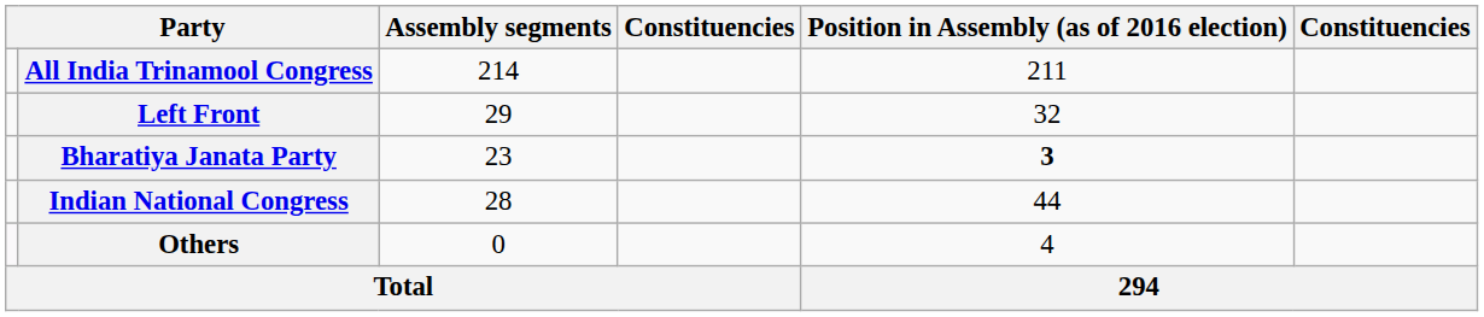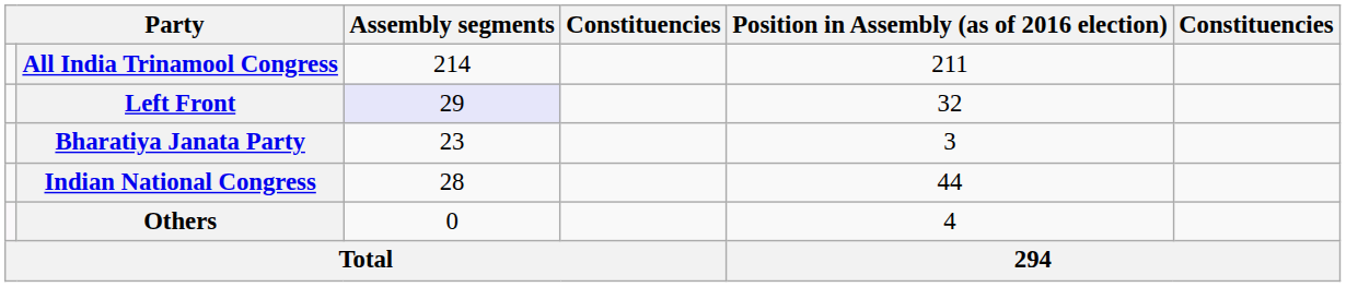 <table class="wikitable" style="text-align:center">
 <tr>
 <th colspan=2>Party</th>
 <th>Assembly segments</th>
 <th>Constituencies</th>
 <th>Position in Assembly (as of 2016 election)</th>
 <th>Constituencies</th>
 </tr>
 <tr>
 <td></td>
 <th><a href='#'>All India Trinamool Congress</a></th>
 <td>214</td>
 <td></td>
 <td>211</td>
 <td></td>
 </tr>
 <tr>
 <td></td>
 <th><a href='#'>Left Front</a></th>
-<td>29</td>
+<td style="background: lavender;">29</td>
 <td></td>
 <td>32</td>
 <td></td>
 </tr>
 <tr>
 <td></td>
 <th><a href='#'>Bharatiya Janata Party</a></th>
 <td>23</td>
 <td></td>
-<td><strong>3</strong></td>
+<td>3</td>
 <td></td>
 </tr>
 <tr>
 <td></td>
 <th><a href='#'>Indian National Congress</a></th>
 <td>28</td>
 <td></td>
 <td>44</td>
 <td></td>
 </tr>
 <tr>
 <td bgcolor=#FAF8FA></td>
 <th>Others</th>
 <td>0</td>
 <td></td>
 <td>4</td>
 <td></td>
 </tr>
 <tr>
 <th colspan=4>Total</th>
 <th colspan=4>294</th>
 </tr>
 </table>
